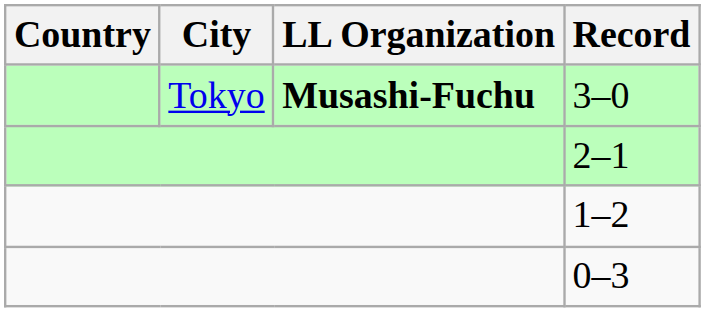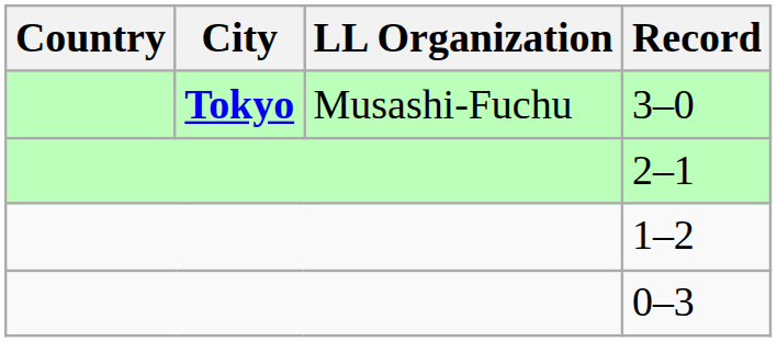 <table class="wikitable">
 <tr>
 <th>Country</th>
 <th>City</th>
 <th>LL Organization</th>
 <th>Record</th>
 </tr>
 <tr bgcolor=#bbffbb>
 <td><strong></strong></td>
-<td><a href='#'>Tokyo</a></td>
-<td><strong>Musashi-Fuchu</strong></td>
+<td><strong><a href='#'>Tokyo</a></strong></td>
+<td>Musashi-Fuchu</td>
 <td>3–0</td>
 </tr>
 <tr bgcolor=#bbffbb>
 <td colspan=3><strong></strong></td>
 <td>2–1</td>
 </tr>
 <tr>
 <td colspan=3><strong></strong></td>
 <td>1–2</td>
 </tr>
 <tr>
 <td colspan=3><strong></strong></td>
 <td>0–3</td>
 </tr>
 </table>
